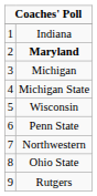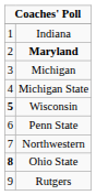 <table class="wikitable" style="display: inline-table;">
 <tr>
 <td align="center" Colspan="3"><strong>Coaches' Poll</strong></td>
 </tr>
 <tr align="center">
 </tr>
 <tr align="center">
 <td>1</td>
 <td>Indiana</td>
 </tr>
 <tr align="center">
 <td>2</td>
 <td><strong>Maryland</strong></td>
 </tr>
 <tr align="center">
 <td>3</td>
 <td>Michigan</td>
 </tr>
 <tr align="center">
 <td>4</td>
 <td>Michigan State</td>
 </tr>
 <tr align="center">
-<td>5</td>
+<td><strong>5</strong></td>
 <td>Wisconsin</td>
 </tr>
 <tr align="center">
 <td>6</td>
 <td>Penn State</td>
 </tr>
 <tr align="center">
 <td>7</td>
 <td>Northwestern</td>
 </tr>
 <tr align="center">
-<td>8</td>
+<td><strong>8</strong></td>
 <td>Ohio State</td>
 </tr>
 <tr align="center">
 <td>9</td>
 <td>Rutgers</td>
 </tr>
 </table>
